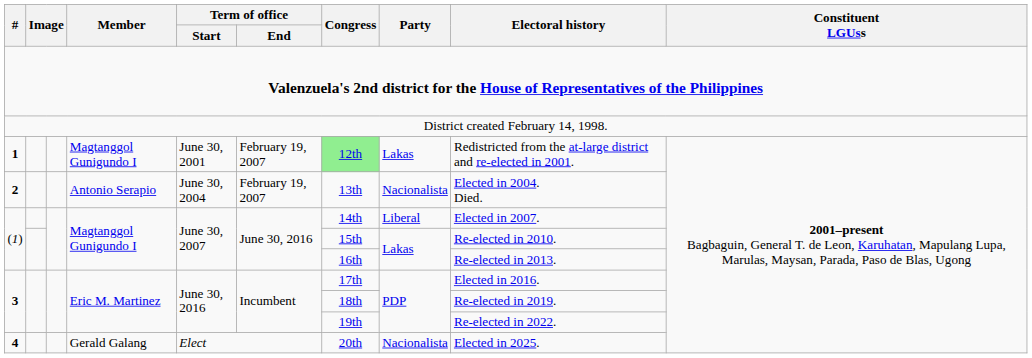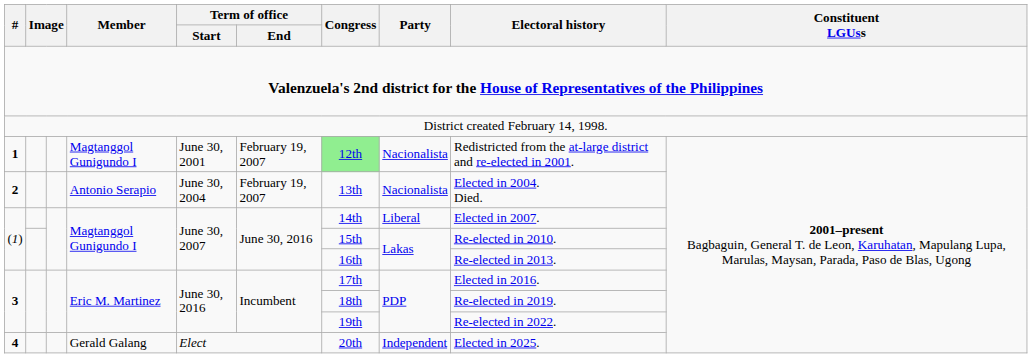 <table class=wikitable>
 <tr>
 <th rowspan="2">#</th>
 <th rowspan="2" colspan=2>Image</th>
 <th rowspan="2">Member</th>
 <th colspan=2>Term of office</th>
 <th rowspan="2">Congress</th>
 <th rowspan="2">Party</th>
 <th rowspan="2">Electoral history</th>
 <th rowspan="2">Constituent<br><a href='#'>LGUs</a>s</th>
 </tr>
 <tr>
 <th>Start</th>
 <th>End</th>
 </tr>
 <tr>
 <td colspan="10" style="text-align:center;"><br><h3>Valenzuela's 2nd district for the <a href='#'>House of Representatives of the Philippines</a></h3></td>
 </tr>
 <tr>
 <td colspan="10" style="text-align:center;">District created February 14, 1998.</td>
 </tr>
 <tr>
 <td style="text-align:center;"><strong>1</strong></td>
 <td style="color:inherit;background:"></td>
 <td></td>
 <td><a href='#'>Magtanggol Gunigundo I</a></td>
 <td>June 30, 2001</td>
 <td>February 19, 2007</td>
 <td style="background: lightgreen; text-align:center;"><a href='#'>12th</a></td>
-<td><a href='#'>Lakas</a></td>
+<td><a href='#'>Nacionalista</a></td>
 <td>Redistricted from the <a href='#'>at-large district</a> and <a href='#'>re-elected in 2001</a>.</td>
 <td rowspan="9" style="text-align:center;"><strong>2001–present</strong><br>Bagbaguin, General T. de Leon, <a href='#'>Karuhatan</a>, Mapulang Lupa, Marulas, Maysan, Parada, Paso de Blas, Ugong</td>
 </tr>
 <tr>
 <td style="text-align:center;"><strong>2</strong></td>
 <td style="color:inherit;background:"></td>
 <td></td>
 <td><a href='#'>Antonio Serapio</a></td>
 <td>June 30, 2004</td>
 <td>February 19, 2007</td>
 <td style="text-align:center;"><a href='#'>13th</a></td>
 <td><a href='#'>Nacionalista</a></td>
 <td><a href='#'>Elected in 2004</a>.<br>Died.</td>
 </tr>
 <tr>
 <td rowspan="3" style="text-align:center;">(<em>1</em>)</td>
 <td style="color:inherit;background:"></td>
 <td rowspan="3"></td>
 <td rowspan="3"><a href='#'>Magtanggol Gunigundo I</a></td>
 <td rowspan="3">June 30, 2007</td>
 <td rowspan="3">June 30, 2016</td>
 <td style="text-align:center;"><a href='#'>14th</a></td>
 <td><a href='#'>Liberal</a></td>
 <td><a href='#'>Elected in 2007</a>.</td>
 </tr>
 <tr>
 <td rowspan="2" style="color:inherit;background:"></td>
 <td style="text-align:center;"><a href='#'>15th</a></td>
 <td rowspan="2"><a href='#'>Lakas</a></td>
 <td><a href='#'>Re-elected in 2010</a>.</td>
 </tr>
 <tr>
 <td style="text-align:center;"><a href='#'>16th</a></td>
 <td><a href='#'>Re-elected in 2013</a>.</td>
 </tr>
 <tr>
 <td rowspan="3" style="text-align:center;"><strong>3</strong></td>
 <td rowspan="3" style="color:inherit;background:"></td>
 <td rowspan="3"></td>
 <td rowspan="3"><a href='#'>Eric M. Martinez</a></td>
 <td rowspan="3">June 30, 2016</td>
 <td rowspan="3">Incumbent</td>
 <td style="text-align:center;"><a href='#'>17th</a></td>
 <td rowspan="3"><a href='#'>PDP</a></td>
 <td><a href='#'>Elected in 2016</a>.</td>
 </tr>
 <tr>
 <td style="text-align:center;"><a href='#'>18th</a></td>
 <td><a href='#'>Re-elected in 2019</a>.</td>
 </tr>
 <tr>
 <td style="text-align:center;"><a href='#'>19th</a></td>
 <td><a href='#'>Re-elected in 2022</a>.</td>
 </tr>
 <tr>
 <td style="text-align:center;"><strong>4</strong></td>
 <td style="color:inherit;background:"></td>
 <td></td>
 <td>Gerald Galang</td>
 <td colspan="2"><em>Elect</em></td>
 <td style="text-align:center;"><a href='#'>20th</a></td>
-<td><a href='#'>Nacionalista</a></td>
+<td><a href='#'>Independent</a></td>
 <td><a href='#'>Elected in 2025</a>.</td>
 </tr>
 </table>
